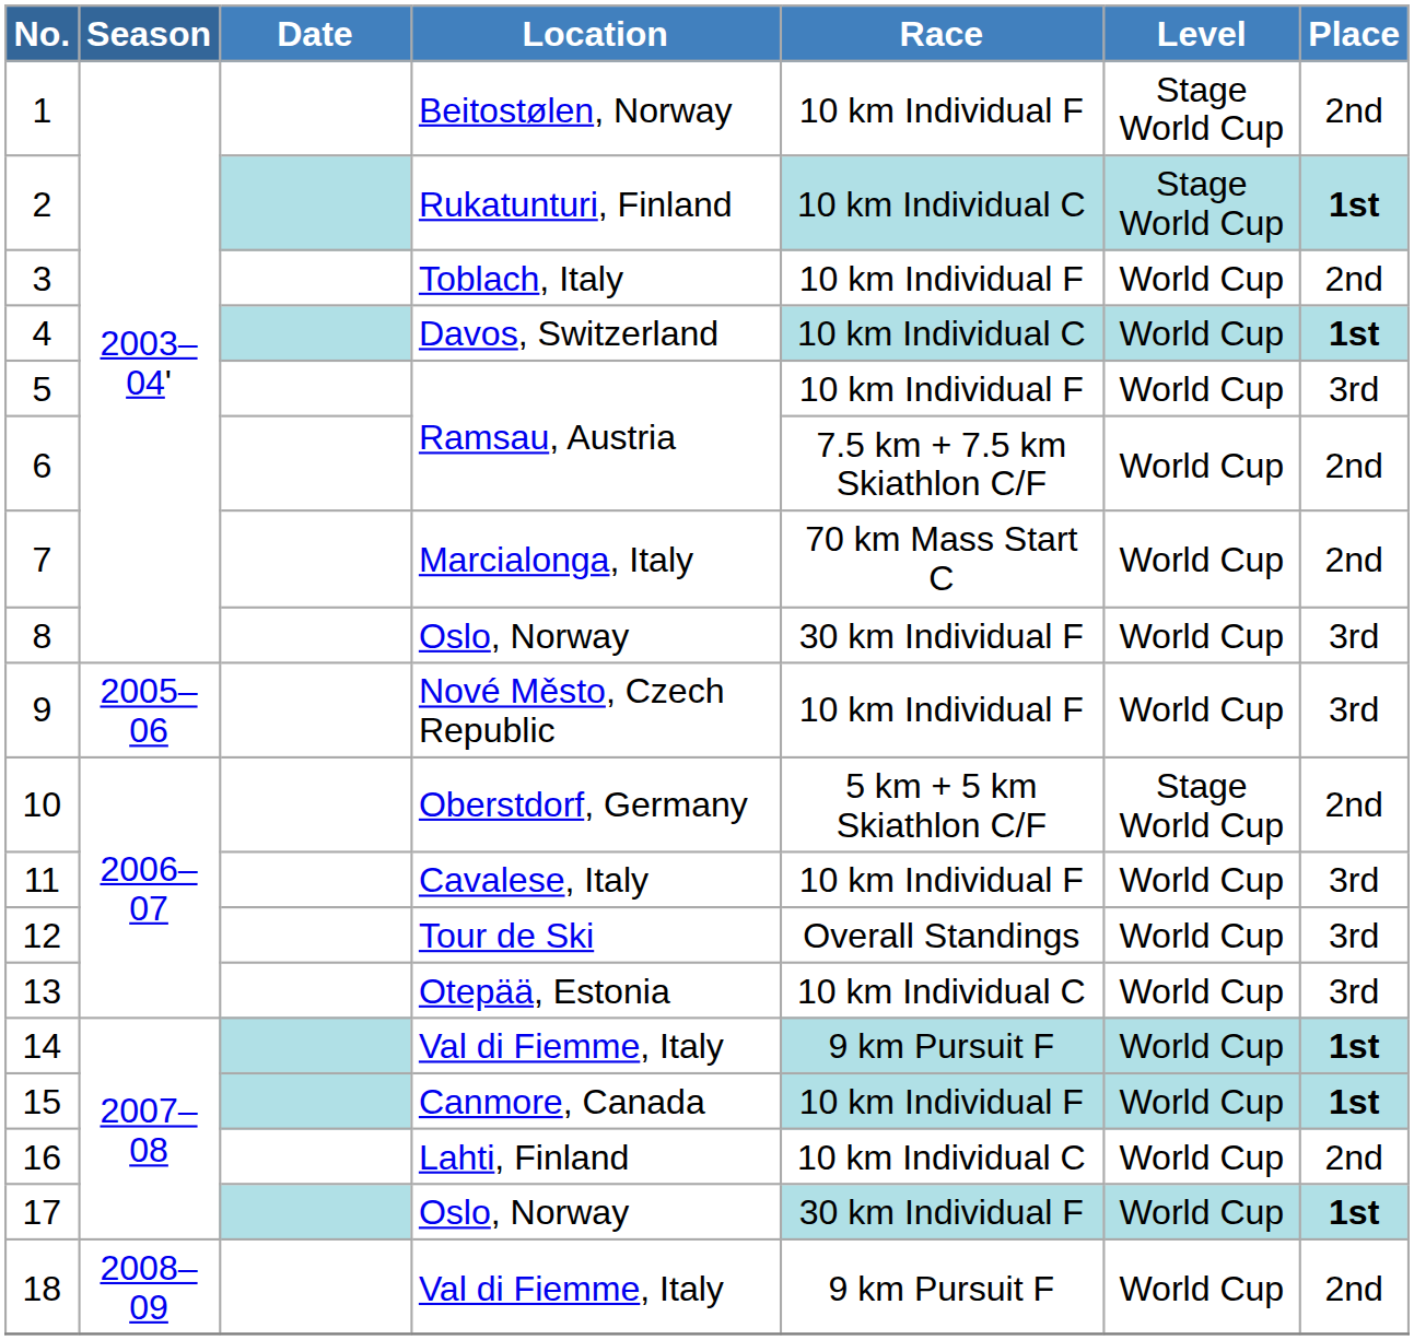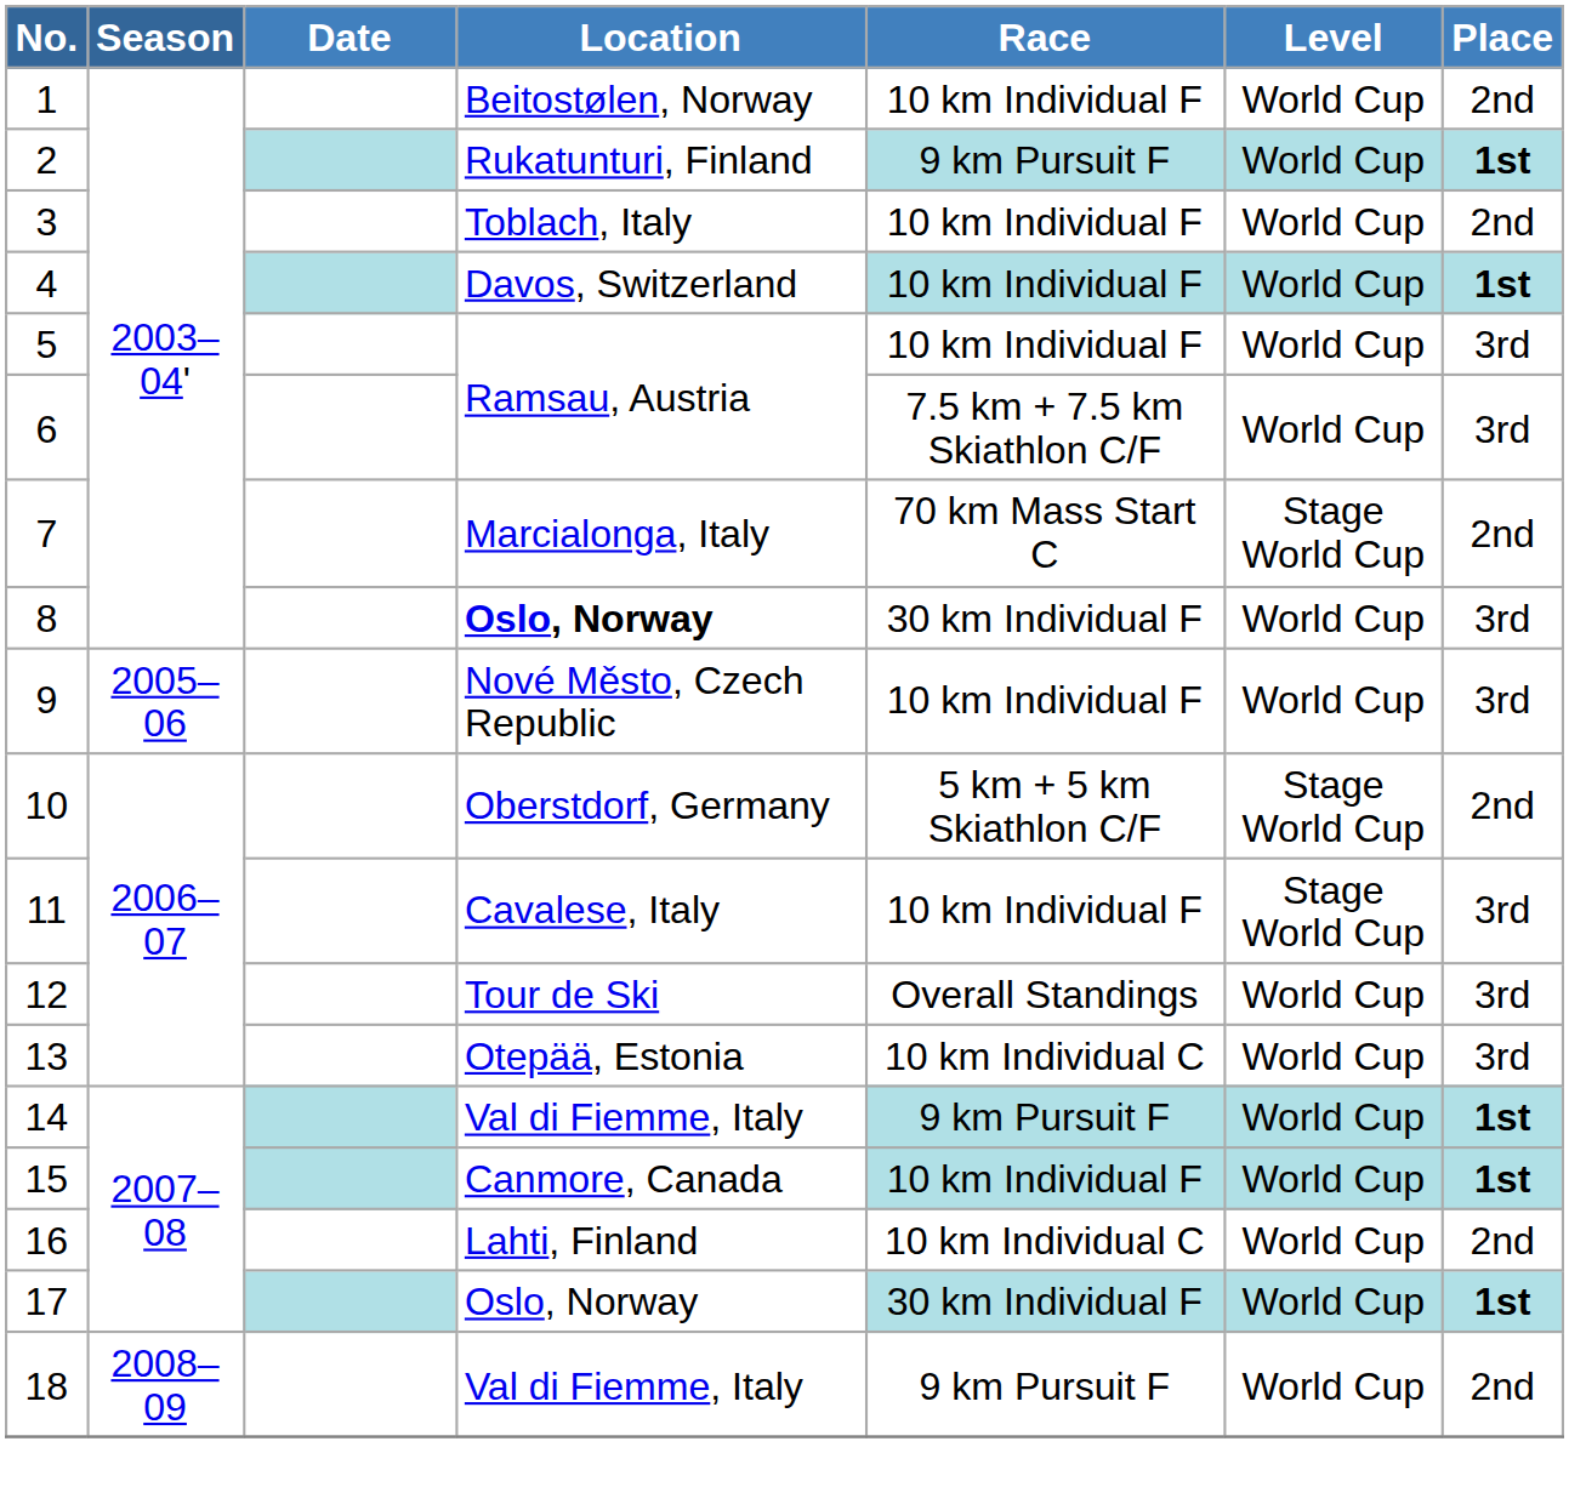 <table class="wikitable sortable" style="font-size:95%; text-align:center; border:grey solid 1px; border-collapse:collapse; background:#ffffff;">
 <tr style="background:#efefef;">
 <th style="background-color:#369; color:white;">No.</th>
 <th style="background-color:#369; color:white;">Season</th>
 <th style="background-color:#4180be; color:white; width:100px;">Date</th>
 <th style="background-color:#4180be; color:white; width:190px;">Location</th>
 <th style="background-color:#4180be; color:white; width:170px;">Race</th>
 <th style="background-color:#4180be; color:white; width:100px;">Level</th>
 <th style="background-color:#4180be; color:white;">Place</th>
 </tr>
 <tr>
 <td align=center>1</td>
 <td rowspan=8 align=center><a href='#'>2003–04</a>'</td>
 <td align=right></td>
 <td align=left> <a href='#'>Beitostølen</a>, Norway</td>
 <td>10 km Individual F</td>
-<td>Stage World Cup</td>
+<td>World Cup</td>
 <td>2nd</td>
 </tr>
 <tr>
 <td align=center>2</td>
 <td bgcolor="#BOEOE6" align=right></td>
 <td align=left> <a href='#'>Rukatunturi</a>, Finland</td>
-<td bgcolor="#BOEOE6">10 km Individual C</td>
-<td bgcolor="#BOEOE6">Stage World Cup</td>
+<td bgcolor="#BOEOE6">9 km Pursuit F</td>
+<td bgcolor="#BOEOE6">World Cup</td>
 <td bgcolor="#BOEOE6"><strong>1st</strong></td>
 </tr>
 <tr>
 <td align=center>3</td>
 <td align=right></td>
 <td align=left> <a href='#'>Toblach</a>, Italy</td>
 <td>10 km Individual F</td>
 <td>World Cup</td>
 <td>2nd</td>
 </tr>
 <tr>
 <td align=center>4</td>
 <td bgcolor="#BOEOE6" align=right></td>
 <td align=left> <a href='#'>Davos</a>, Switzerland</td>
-<td bgcolor="#BOEOE6">10 km Individual C</td>
+<td bgcolor="#BOEOE6">10 km Individual F</td>
 <td bgcolor="#BOEOE6">World Cup</td>
 <td bgcolor="#BOEOE6"><strong>1st</strong></td>
 </tr>
 <tr>
 <td align=center>5</td>
 <td align=right></td>
 <td rowspan=2 align=left>  <a href='#'>Ramsau</a>, Austria</td>
 <td>10 km Individual F</td>
 <td>World Cup</td>
 <td>3rd</td>
 </tr>
 <tr>
 <td align=center>6</td>
 <td align=right></td>
 <td>7.5 km + 7.5 km Skiathlon C/F</td>
 <td>World Cup</td>
-<td>2nd</td>
+<td>3rd</td>
 </tr>
 <tr>
 <td align=center>7</td>
 <td align=right></td>
 <td align=left> <a href='#'>Marcialonga</a>, Italy</td>
 <td>70 km Mass Start C</td>
-<td>World Cup</td>
+<td>Stage World Cup</td>
 <td>2nd</td>
 </tr>
 <tr>
 <td align=center>8</td>
 <td align=right></td>
-<td align=left> <a href='#'>Oslo</a>, Norway</td>
+<td align=left><strong> <a href='#'>Oslo</a>, Norway</strong></td>
 <td>30 km Individual F</td>
 <td>World Cup</td>
 <td>3rd</td>
 </tr>
 <tr>
 <td align=center>9</td>
 <td rowspan=1 align=center><a href='#'>2005–06</a></td>
 <td align=right></td>
 <td align=left> <a href='#'>Nové Město</a>, Czech Republic</td>
 <td>10 km Individual F</td>
 <td>World Cup</td>
 <td>3rd</td>
 </tr>
 <tr>
 <td align=center>10</td>
 <td rowspan=4 align=center><a href='#'>2006–07</a></td>
 <td align=right></td>
 <td align=left> <a href='#'>Oberstdorf</a>, Germany</td>
 <td>5 km + 5 km Skiathlon C/F</td>
 <td>Stage World Cup</td>
 <td>2nd</td>
 </tr>
 <tr>
 <td align=center>11</td>
 <td align=right></td>
 <td align=left> <a href='#'>Cavalese</a>, Italy</td>
 <td>10 km Individual F</td>
-<td>World Cup</td>
+<td>Stage World Cup</td>
 <td>3rd</td>
 </tr>
 <tr>
 <td align=center>12</td>
 <td align=right></td>
 <td style="text-align: left;"> <a href='#'>Tour de Ski</a></td>
 <td>Overall Standings</td>
 <td>World Cup</td>
 <td>3rd</td>
 </tr>
 <tr>
 <td align=center>13</td>
 <td align=right></td>
 <td align=left> <a href='#'>Otepää</a>, Estonia</td>
 <td>10 km Individual C</td>
 <td>World Cup</td>
 <td>3rd</td>
 </tr>
 <tr>
 <td align=center>14</td>
 <td rowspan=4 align=center><a href='#'>2007–08</a></td>
 <td bgcolor="#BOEOE6" align=right></td>
 <td align=left> <a href='#'>Val di Fiemme</a>, Italy</td>
 <td bgcolor="#BOEOE6">9 km Pursuit F</td>
 <td bgcolor="#BOEOE6">World Cup</td>
 <td bgcolor="#BOEOE6"><strong>1st</strong></td>
 </tr>
 <tr>
 <td align=center>15</td>
 <td bgcolor="#BOEOE6" align=right></td>
 <td align=left> <a href='#'>Canmore</a>, Canada</td>
 <td bgcolor="#BOEOE6">10 km Individual F</td>
 <td bgcolor="#BOEOE6">World Cup</td>
 <td bgcolor="#BOEOE6"><strong>1st</strong></td>
 </tr>
 <tr>
 <td align=center>16</td>
 <td align=right></td>
 <td align=left> <a href='#'>Lahti</a>, Finland</td>
 <td>10 km Individual C</td>
 <td>World Cup</td>
 <td>2nd</td>
 </tr>
 <tr>
 <td align=center>17</td>
 <td bgcolor="#BOEOE6" align=right></td>
 <td align=left> <a href='#'>Oslo</a>, Norway</td>
 <td bgcolor="#BOEOE6">30 km Individual F</td>
 <td bgcolor="#BOEOE6">World Cup</td>
 <td bgcolor="#BOEOE6"><strong>1st</strong></td>
 </tr>
 <tr>
 <td align=center>18</td>
 <td rowspan=1 align=center><a href='#'>2008–09</a></td>
 <td align=right></td>
 <td align=left> <a href='#'>Val di Fiemme</a>, Italy</td>
 <td>9 km Pursuit F</td>
 <td>World Cup</td>
 <td>2nd</td>
 </tr>
 <tr>
 </tr>
 </table>
